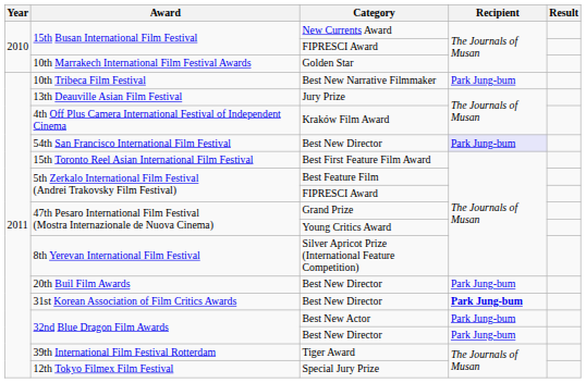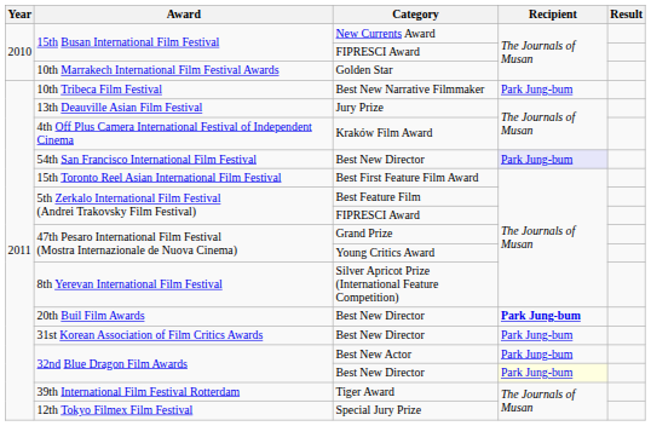 <table class="wikitable">
 <tr>
 <th>Year</th>
 <th>Award</th>
 <th>Category</th>
 <th>Recipient</th>
 <th>Result</th>
 </tr>
 <tr>
 <td rowspan=3>2010</td>
 <td rowspan=2><a href='#'>15th</a> <a href='#'>Busan International Film Festival</a></td>
 <td><a href='#'>New Currents</a> Award</td>
 <td rowspan=3><em>The Journals of Musan</em></td>
 <td></td>
 </tr>
 <tr>
 <td>FIPRESCI Award</td>
 <td></td>
 </tr>
 <tr>
 <td>10th <a href='#'>Marrakech International Film Festival Awards</a></td>
 <td>Golden Star</td>
 <td></td>
 </tr>
 <tr>
 <td rowspan=16>2011</td>
 <td>10th <a href='#'>Tribeca Film Festival</a></td>
 <td>Best New Narrative Filmmaker</td>
 <td><a href='#'>Park Jung-bum</a></td>
 <td></td>
 </tr>
 <tr>
 <td>13th <a href='#'>Deauville Asian Film Festival</a></td>
 <td>Jury Prize</td>
 <td rowspan=2><em>The Journals of Musan</em></td>
 <td></td>
 </tr>
 <tr>
 <td>4th <a href='#'>Off Plus Camera International Festival of Independent Cinema</a></td>
 <td>Kraków Film Award</td>
 <td></td>
 </tr>
 <tr>
 <td>54th <a href='#'>San Francisco International Film Festival</a></td>
 <td>Best New Director</td>
 <td style="background: lavender;"><a href='#'>Park Jung-bum</a></td>
 <td></td>
 </tr>
 <tr>
 <td>15th <a href='#'>Toronto Reel Asian International Film Festival</a></td>
 <td>Best First Feature Film Award</td>
 <td rowspan=6><em>The Journals of Musan</em></td>
 <td></td>
 </tr>
 <tr>
 <td rowspan=2>5th <a href='#'>Zerkalo International Film Festival</a> <br> (Andrei Trakovsky Film Festival) </td>
 <td>Best Feature Film</td>
 <td></td>
 </tr>
 <tr>
 <td>FIPRESCI Award</td>
 <td></td>
 </tr>
 <tr>
 <td rowspan=2>47th Pesaro International Film Festival <br> (Mostra Internazionale de Nuova Cinema)</td>
 <td>Grand Prize</td>
 <td></td>
 </tr>
 <tr>
 <td>Young Critics Award</td>
 <td></td>
 </tr>
 <tr>
 <td>8th <a href='#'>Yerevan International Film Festival</a></td>
 <td>Silver Apricot Prize <br> (International Feature Competition)</td>
 <td></td>
 </tr>
 <tr>
 <td>20th <a href='#'>Buil Film Awards</a></td>
 <td>Best New Director</td>
-<td><a href='#'>Park Jung-bum</a></td>
+<td><strong><a href='#'>Park Jung-bum</a></strong></td>
 <td></td>
 </tr>
 <tr>
 <td>31st <a href='#'>Korean Association of Film Critics Awards</a></td>
 <td>Best New Director</td>
-<td><strong><a href='#'>Park Jung-bum</a></strong></td>
+<td><a href='#'>Park Jung-bum</a></td>
 <td></td>
 </tr>
 <tr>
 <td rowspan=2><a href='#'>32nd</a> <a href='#'>Blue Dragon Film Awards</a></td>
 <td>Best New Actor</td>
 <td><a href='#'>Park Jung-bum</a></td>
 <td></td>
 </tr>
 <tr>
 <td>Best New Director</td>
-<td><a href='#'>Park Jung-bum</a></td>
+<td style="background: lightyellow;"><a href='#'>Park Jung-bum</a></td>
 <td></td>
 </tr>
 <tr>
 <td>39th <a href='#'>International Film Festival Rotterdam</a></td>
 <td>Tiger Award</td>
 <td rowspan=2><em>The Journals of Musan</em></td>
 <td></td>
 </tr>
 <tr>
 <td>12th <a href='#'>Tokyo Filmex Film Festival</a></td>
 <td>Special Jury Prize</td>
 <td></td>
 </tr>
 </table>
